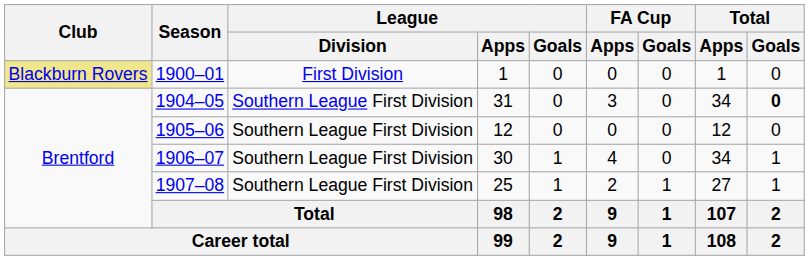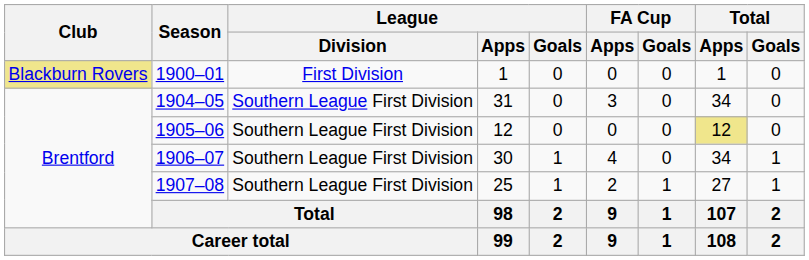 <table class="wikitable" style="text-align: center;">
 <tr>
 <th rowspan="2">Club</th>
 <th rowspan="2">Season</th>
 <th colspan="3">League</th>
 <th colspan="2">FA Cup</th>
 <th colspan="2">Total</th>
 </tr>
 <tr>
 <th>Division</th>
 <th>Apps</th>
 <th>Goals</th>
 <th>Apps</th>
 <th>Goals</th>
 <th>Apps</th>
 <th>Goals</th>
 </tr>
 <tr>
 <td style="background: khaki;"><a href='#'>Blackburn Rovers</a></td>
 <td><a href='#'>1900–01</a></td>
 <td><a href='#'>First Division</a></td>
 <td>1</td>
 <td>0</td>
 <td>0</td>
 <td>0</td>
 <td>1</td>
 <td>0</td>
 </tr>
 <tr>
 <td rowspan="5"><a href='#'>Brentford</a></td>
 <td><a href='#'>1904–05</a></td>
 <td><a href='#'>Southern League</a> First Division</td>
 <td>31</td>
 <td>0</td>
 <td>3</td>
 <td>0</td>
 <td>34</td>
-<td><strong>0</strong></td>
+<td>0</td>
 </tr>
 <tr>
 <td><a href='#'>1905–06</a></td>
 <td>Southern League First Division</td>
 <td>12</td>
 <td>0</td>
 <td>0</td>
 <td>0</td>
-<td>12</td>
+<td style="background: khaki;">12</td>
 <td>0</td>
 </tr>
 <tr>
 <td><a href='#'>1906–07</a></td>
 <td>Southern League First Division</td>
 <td>30</td>
 <td>1</td>
 <td>4</td>
 <td>0</td>
 <td>34</td>
 <td>1</td>
 </tr>
 <tr>
 <td><a href='#'>1907–08</a></td>
 <td>Southern League First Division</td>
 <td>25</td>
 <td>1</td>
 <td>2</td>
 <td>1</td>
 <td>27</td>
 <td>1</td>
 </tr>
 <tr>
 <th colspan="2">Total</th>
 <th>98</th>
 <th>2</th>
 <th>9</th>
 <th>1</th>
 <th>107</th>
 <th>2</th>
 </tr>
 <tr>
 <th colspan="3">Career total</th>
 <th>99</th>
 <th>2</th>
 <th>9</th>
 <th>1</th>
 <th>108</th>
 <th>2</th>
 </tr>
 </table>
